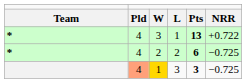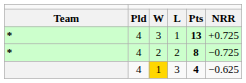 <table class="wikitable plainrowheaders" style="text-align:center;">
 <tr>
 <td></td>
 </tr>
 <tr>
 <th scope="col" width=175>Team</th>
 <th scope="col" width=20 abbr="Played">Pld</th>
 <th scope="col" width=20 abbr="Won">W</th>
 <th scope="col" width=20 abbr="Lost">L</th>
 <th scope="col" width=20 abbr="Points">Pts</th>
 <th scope="col" width=20 abbr="Net run rate">NRR</th>
 </tr>
 <tr style="background:#ccffcc;">
 <th scope="row" style="text-align:left; background:#ccffcc;">*</th>
 <td>4</td>
 <td>3</td>
 <td>1</td>
 <td><strong>13</strong></td>
-<td>+0.722</td>
+<td>+0.725</td>
 </tr>
 <tr style="background:#ccffcc;">
 <th scope="row" style="text-align:left; background:#ccffcc;">*</th>
 <td>4</td>
 <td>2</td>
 <td>2</td>
-<td><strong>6</strong></td>
+<td><strong>8</strong></td>
 <td>−0.725</td>
 </tr>
 <tr>
 <th scope="row" style="text-align:left;"></th>
-<td style="background: lightsalmon;">4</td>
+<td>4</td>
 <td style="background: gold;">1</td>
 <td>3</td>
-<td><strong>3</strong></td>
-<td>−0.725</td>
+<td><strong>4</strong></td>
+<td>−0.625</td>
 </tr>
 </table>
